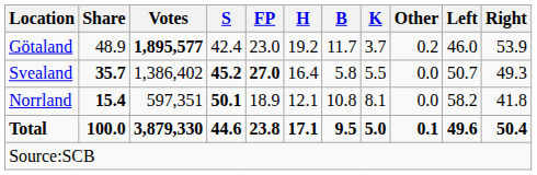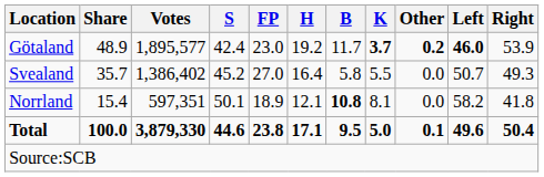 <table class="wikitable sortable" style=text-align:right>
 <tr>
 <th>Location</th>
 <th>Share</th>
 <th>Votes</th>
 <th><a href='#'>S</a></th>
 <th><a href='#'>FP</a></th>
 <th><a href='#'>H</a></th>
 <th><a href='#'>B</a></th>
 <th><a href='#'>K</a></th>
 <th>Other</th>
 <th>Left</th>
 <th>Right</th>
 </tr>
 <tr>
 <td align=left><a href='#'>Götaland</a></td>
 <td>48.9</td>
-<td><strong>1,895,577</strong></td>
+<td>1,895,577</td>
 <td>42.4</td>
 <td>23.0</td>
 <td>19.2</td>
 <td>11.7</td>
-<td>3.7</td>
-<td>0.2</td>
-<td>46.0</td>
+<td><strong>3.7</strong></td>
+<td><strong>0.2</strong></td>
+<td><strong>46.0</strong></td>
 <td>53.9</td>
 </tr>
 <tr>
 <td align=left><a href='#'>Svealand</a></td>
-<td><strong>35.7</strong></td>
+<td>35.7</td>
 <td>1,386,402</td>
-<td><strong>45.2</strong></td>
-<td><strong>27.0</strong></td>
+<td>45.2</td>
+<td>27.0</td>
 <td>16.4</td>
 <td>5.8</td>
 <td>5.5</td>
 <td>0.0</td>
 <td>50.7</td>
 <td>49.3</td>
 </tr>
 <tr>
 <td align=left><a href='#'>Norrland</a></td>
-<td><strong>15.4</strong></td>
+<td>15.4</td>
 <td>597,351</td>
-<td><strong>50.1</strong></td>
+<td>50.1</td>
 <td>18.9</td>
 <td>12.1</td>
-<td>10.8</td>
+<td><strong>10.8</strong></td>
 <td>8.1</td>
 <td>0.0</td>
 <td>58.2</td>
 <td>41.8</td>
 </tr>
 <tr>
 <td align=left><strong>Total</strong></td>
 <td><strong>100.0</strong></td>
 <td><strong>3,879,330</strong></td>
 <td><strong>44.6</strong></td>
 <td><strong>23.8</strong></td>
 <td><strong>17.1</strong></td>
 <td><strong>9.5</strong></td>
 <td><strong>5.0</strong></td>
 <td><strong>0.1</strong></td>
 <td><strong>49.6</strong></td>
 <td><strong>50.4</strong></td>
 </tr>
 <tr>
 <td align=left colspan=11>Source:SCB </td>
 </tr>
 </table>
